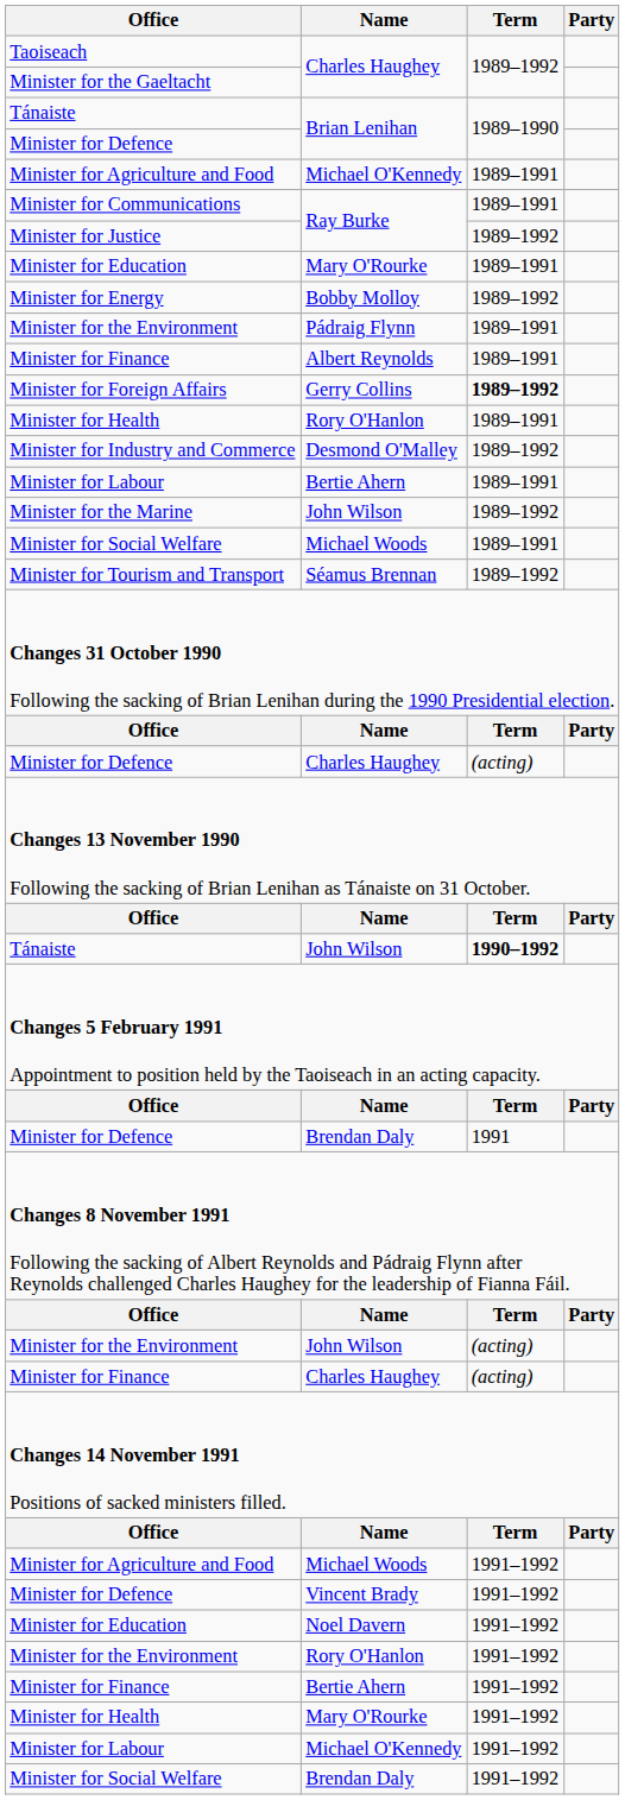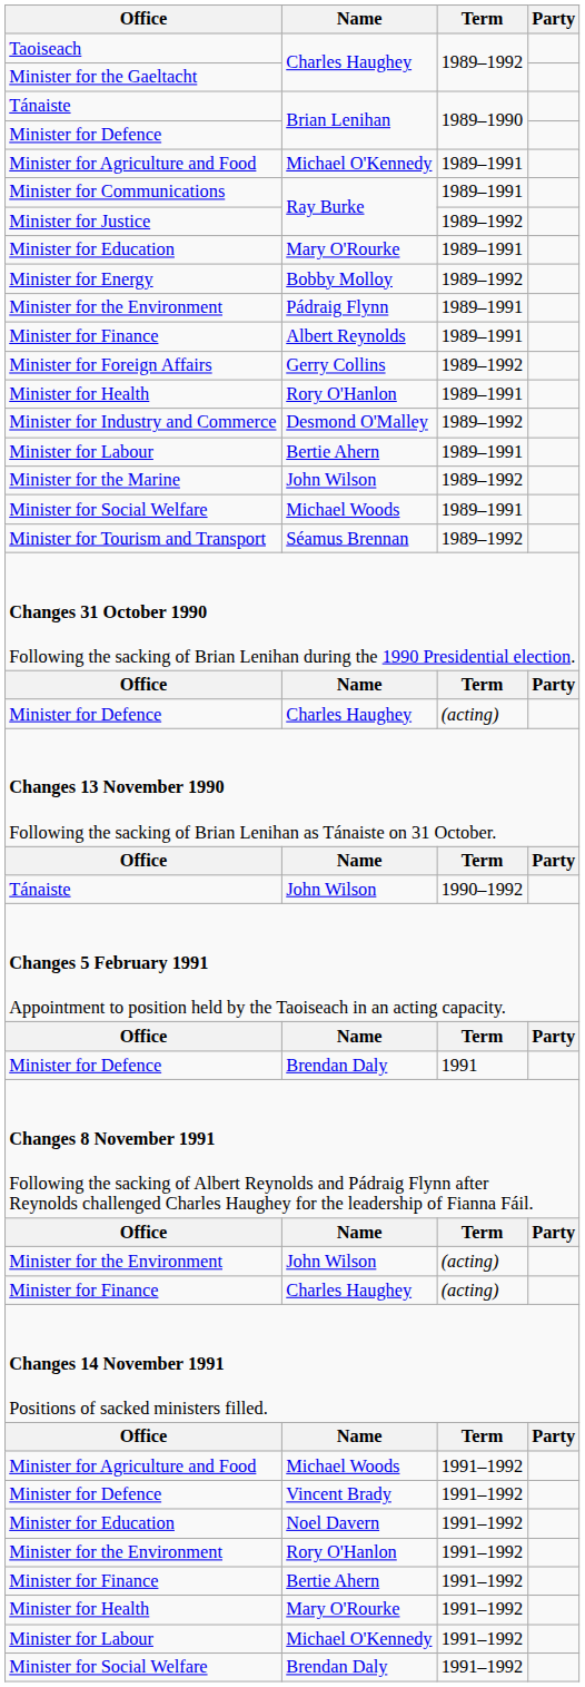 <table class="wikitable">
 <tr>
 <th>Office</th>
 <th>Name</th>
 <th>Term</th>
 <th colspan="2">Party</th>
 </tr>
 <tr>
 <td><a href='#'>Taoiseach</a></td>
 <td rowspan=2><a href='#'>Charles Haughey</a></td>
 <td rowspan=2>1989–1992</td>
 <td></td>
 </tr>
 <tr>
 <td><a href='#'>Minister for the Gaeltacht</a></td>
 </tr>
 <tr>
 <td><a href='#'>Tánaiste</a></td>
 <td rowspan=2><a href='#'>Brian Lenihan</a></td>
 <td rowspan=2>1989–1990</td>
 <td></td>
 </tr>
 <tr>
 <td><a href='#'>Minister for Defence</a></td>
 </tr>
 <tr>
 <td><a href='#'>Minister for Agriculture and Food</a></td>
 <td><a href='#'>Michael O'Kennedy</a></td>
 <td>1989–1991</td>
 <td></td>
 </tr>
 <tr>
 <td><a href='#'>Minister for Communications</a></td>
 <td rowspan=2><a href='#'>Ray Burke</a></td>
 <td>1989–1991</td>
 <td></td>
 </tr>
 <tr>
 <td><a href='#'>Minister for Justice</a></td>
 <td>1989–1992</td>
 </tr>
 <tr>
 <td><a href='#'>Minister for Education</a></td>
 <td><a href='#'>Mary O'Rourke</a></td>
 <td>1989–1991</td>
 <td></td>
 </tr>
 <tr>
 <td><a href='#'>Minister for Energy</a></td>
 <td><a href='#'>Bobby Molloy</a></td>
 <td>1989–1992</td>
 <td></td>
 </tr>
 <tr>
 <td><a href='#'>Minister for the Environment</a></td>
 <td><a href='#'>Pádraig Flynn</a></td>
 <td>1989–1991</td>
 <td></td>
 </tr>
 <tr>
 <td><a href='#'>Minister for Finance</a></td>
 <td><a href='#'>Albert Reynolds</a></td>
 <td>1989–1991</td>
 <td></td>
 </tr>
 <tr>
 <td><a href='#'>Minister for Foreign Affairs</a></td>
 <td><a href='#'>Gerry Collins</a></td>
-<td><strong>1989–1992</strong></td>
+<td>1989–1992</td>
 <td></td>
 </tr>
 <tr>
 <td><a href='#'>Minister for Health</a></td>
 <td><a href='#'>Rory O'Hanlon</a></td>
 <td>1989–1991</td>
 <td></td>
 </tr>
 <tr>
 <td><a href='#'>Minister for Industry and Commerce</a></td>
 <td><a href='#'>Desmond O'Malley</a></td>
 <td>1989–1992</td>
 <td></td>
 </tr>
 <tr>
 <td><a href='#'>Minister for Labour</a></td>
 <td><a href='#'>Bertie Ahern</a></td>
 <td>1989–1991</td>
 <td></td>
 </tr>
 <tr>
 <td><a href='#'>Minister for the Marine</a></td>
 <td><a href='#'>John Wilson</a></td>
 <td>1989–1992</td>
 <td></td>
 </tr>
 <tr>
 <td><a href='#'>Minister for Social Welfare</a></td>
 <td><a href='#'>Michael Woods</a></td>
 <td>1989–1991</td>
 <td></td>
 </tr>
 <tr>
 <td><a href='#'>Minister for Tourism and Transport</a></td>
 <td><a href='#'>Séamus Brennan</a></td>
 <td>1989–1992</td>
 <td></td>
 </tr>
 <tr>
 <td colspan="5"><br><h4>Changes 31 October 1990</h4>Following the sacking of Brian Lenihan during the <a href='#'>1990 Presidential election</a>.</td>
 </tr>
 <tr>
 <th>Office</th>
 <th>Name</th>
 <th>Term</th>
 <th colspan="2">Party</th>
 </tr>
 <tr>
 <td><a href='#'>Minister for Defence</a></td>
 <td><a href='#'>Charles Haughey</a></td>
 <td><em>(acting)</em></td>
 <td></td>
 </tr>
 <tr>
 <td colspan="5"><br><h4>Changes 13 November 1990</h4>Following the sacking of Brian Lenihan as Tánaiste on 31 October.</td>
 </tr>
 <tr>
 <th>Office</th>
 <th>Name</th>
 <th>Term</th>
 <th colspan="2">Party</th>
 </tr>
 <tr>
 <td><a href='#'>Tánaiste</a></td>
 <td><a href='#'>John Wilson</a></td>
-<td><strong>1990–1992</strong></td>
+<td>1990–1992</td>
 <td></td>
 </tr>
 <tr>
 <td colspan="5"><br><h4>Changes 5 February 1991</h4>Appointment to position held by the Taoiseach in an acting capacity.</td>
 </tr>
 <tr>
 <th>Office</th>
 <th>Name</th>
 <th>Term</th>
 <th colspan="2">Party</th>
 </tr>
 <tr>
 <td><a href='#'>Minister for Defence</a></td>
 <td><a href='#'>Brendan Daly</a></td>
 <td>1991</td>
 <td></td>
 </tr>
 <tr>
 <td colspan="5"><br><h4>Changes 8 November 1991</h4>Following the sacking of Albert Reynolds and Pádraig Flynn after<br>Reynolds challenged Charles Haughey for the leadership of Fianna Fáil.</td>
 </tr>
 <tr>
 <th>Office</th>
 <th>Name</th>
 <th>Term</th>
 <th colspan="2">Party</th>
 </tr>
 <tr>
 <td><a href='#'>Minister for the Environment</a></td>
 <td><a href='#'>John Wilson</a></td>
 <td><em>(acting)</em></td>
 <td></td>
 </tr>
 <tr>
 <td><a href='#'>Minister for Finance</a></td>
 <td><a href='#'>Charles Haughey</a></td>
 <td><em>(acting)</em></td>
 <td></td>
 </tr>
 <tr>
 <td colspan="5"><br><h4>Changes 14 November 1991</h4>Positions of sacked ministers filled.</td>
 </tr>
 <tr>
 <th>Office</th>
 <th>Name</th>
 <th>Term</th>
 <th colspan="2">Party</th>
 </tr>
 <tr>
 <td><a href='#'>Minister for Agriculture and Food</a></td>
 <td><a href='#'>Michael Woods</a></td>
 <td>1991–1992</td>
 <td></td>
 </tr>
 <tr>
 <td><a href='#'>Minister for Defence</a></td>
 <td><a href='#'>Vincent Brady</a></td>
 <td>1991–1992</td>
 <td></td>
 </tr>
 <tr>
 <td><a href='#'>Minister for Education</a></td>
 <td><a href='#'>Noel Davern</a></td>
 <td>1991–1992</td>
 <td></td>
 </tr>
 <tr>
 <td><a href='#'>Minister for the Environment</a></td>
 <td><a href='#'>Rory O'Hanlon</a></td>
 <td>1991–1992</td>
 <td></td>
 </tr>
 <tr>
 <td><a href='#'>Minister for Finance</a></td>
 <td><a href='#'>Bertie Ahern</a></td>
 <td>1991–1992</td>
 <td></td>
 </tr>
 <tr>
 <td><a href='#'>Minister for Health</a></td>
 <td><a href='#'>Mary O'Rourke</a></td>
 <td>1991–1992</td>
 <td></td>
 </tr>
 <tr>
 <td><a href='#'>Minister for Labour</a></td>
 <td><a href='#'>Michael O'Kennedy</a></td>
 <td>1991–1992</td>
 <td></td>
 </tr>
 <tr>
 <td><a href='#'>Minister for Social Welfare</a></td>
 <td><a href='#'>Brendan Daly</a></td>
 <td>1991–1992</td>
 <td></td>
 </tr>
 </table>
